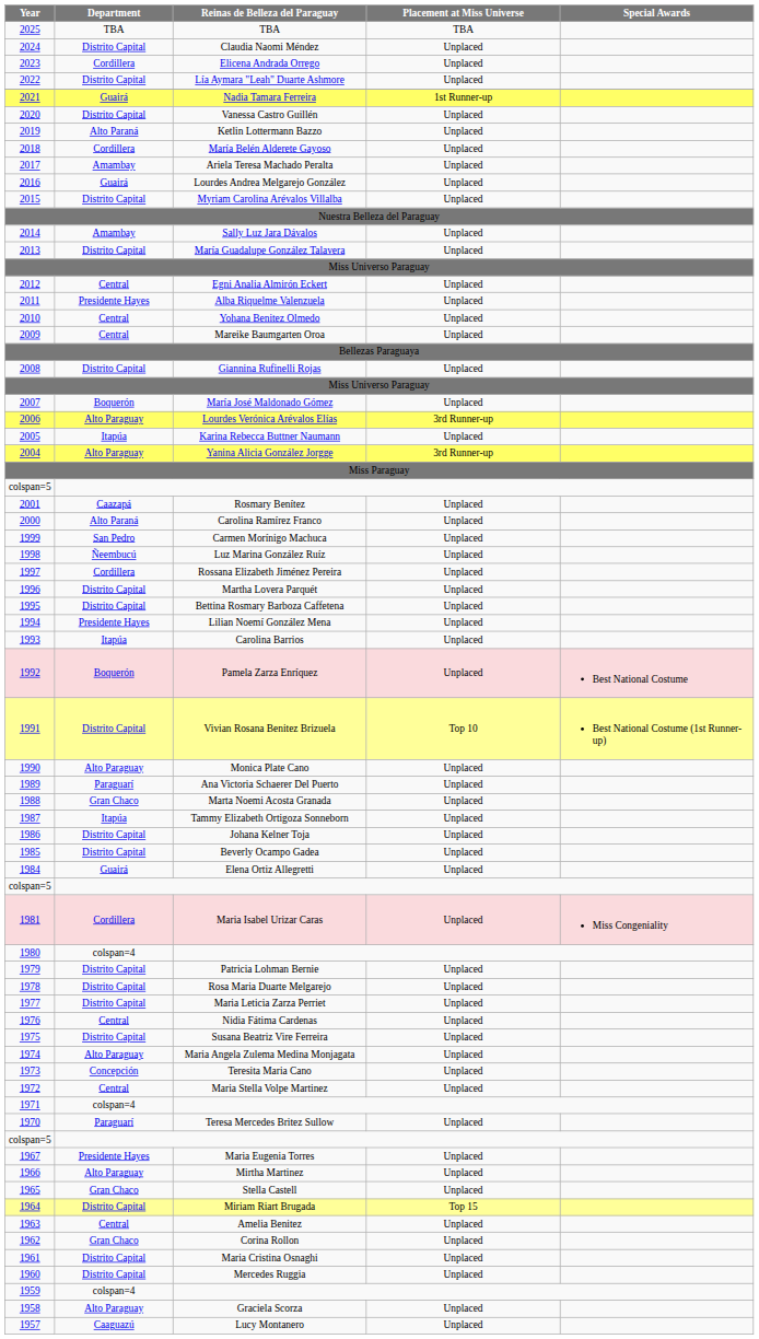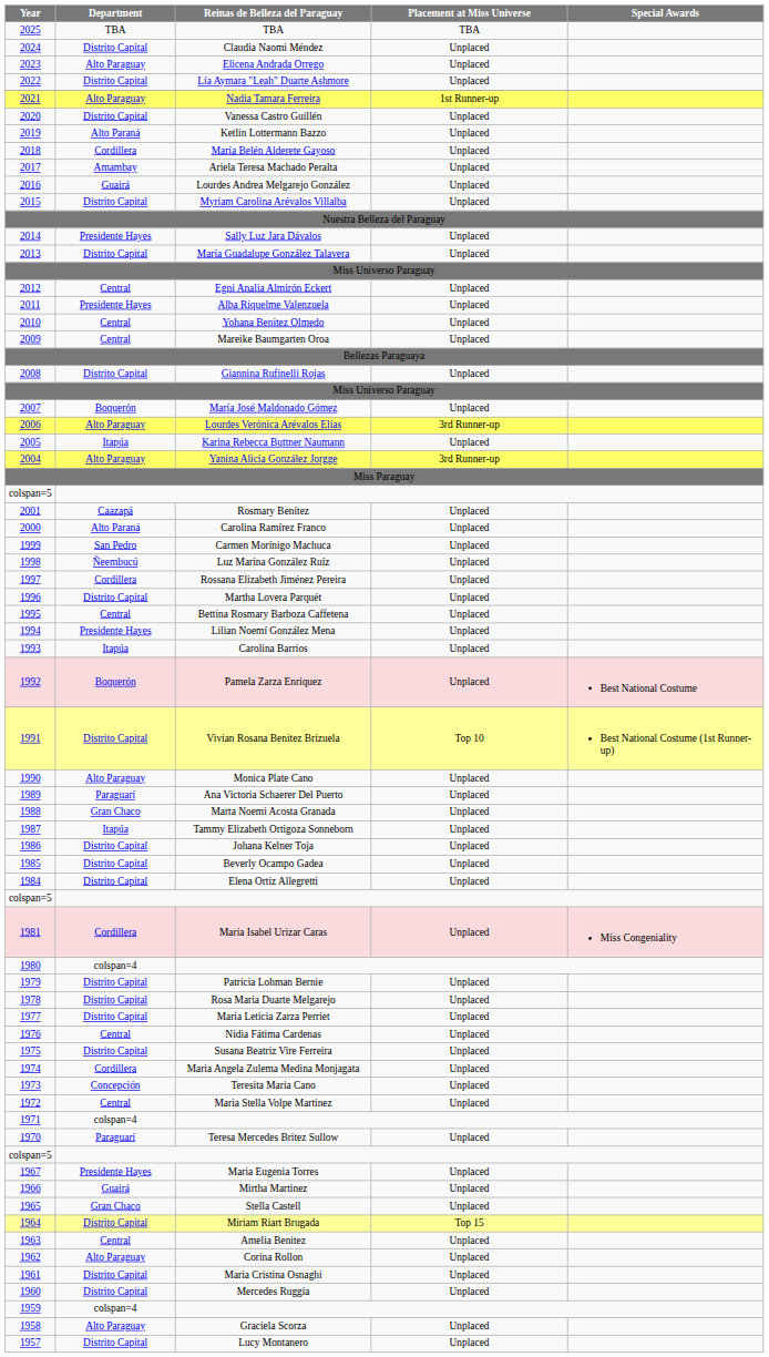 <table class="wikitable " style="font-size: 85%; text-align:center">
 <tr>
 <th width="60" style="background-color:#787878;color:#FFFFFF;">Year</th>
 <th width="150" style="background-color:#787878;color:#FFFFFF;">Department</th>
 <th width="250" style="background-color:#787878;color:#FFFFFF;">Reinas de Belleza del Paraguay</th>
 <th width="250" style="background-color:#787878;color:#FFFFFF;">Placement at Miss Universe</th>
 <th width="250" style="background-color:#787878;color:#FFFFFF;">Special Awards</th>
 </tr>
 <tr>
 <td><a href='#'>2025</a></td>
 <td>TBA</td>
 <td>TBA</td>
 <td>TBA</td>
 <td></td>
 </tr>
 <tr>
 <td><a href='#'>2024</a></td>
 <td><a href='#'>Distrito Capital</a></td>
 <td>Claudia Naomi Méndez</td>
 <td>Unplaced</td>
 <td></td>
 </tr>
 <tr>
 <td><a href='#'>2023</a></td>
-<td><a href='#'>Cordillera</a></td>
+<td><a href='#'>Alto Paraguay</a></td>
 <td><a href='#'>Elicena Andrada Orrego</a></td>
 <td>Unplaced</td>
 <td></td>
 </tr>
 <tr>
 <td><a href='#'>2022</a></td>
 <td><a href='#'>Distrito Capital</a></td>
 <td><a href='#'>Lía Aymara "Leah" Duarte Ashmore</a></td>
 <td>Unplaced</td>
 <td></td>
 </tr>
 <tr>
 </tr>
 <tr style="background-color:#FFFF66; ">
 <td><a href='#'>2021</a></td>
-<td><a href='#'>Guairá</a></td>
+<td><a href='#'>Alto Paraguay</a></td>
 <td><a href='#'>Nadia Tamara Ferreira</a></td>
 <td>1st Runner-up</td>
 <td></td>
 </tr>
 <tr>
 <td><a href='#'>2020</a></td>
 <td><a href='#'>Distrito Capital</a></td>
 <td>Vanessa Castro Guillén</td>
 <td>Unplaced</td>
 <td></td>
 </tr>
 <tr>
 <td><a href='#'>2019</a></td>
 <td><a href='#'>Alto Paraná</a></td>
 <td>Ketlin Lottermann Bazzo</td>
 <td>Unplaced</td>
 <td></td>
 </tr>
 <tr>
 <td><a href='#'>2018</a></td>
 <td><a href='#'>Cordillera</a></td>
 <td><a href='#'>María Belén Alderete Gayoso</a></td>
 <td>Unplaced</td>
 <td></td>
 </tr>
 <tr>
 <td><a href='#'>2017</a></td>
 <td><a href='#'>Amambay</a></td>
 <td>Ariela Teresa Machado Peralta</td>
 <td>Unplaced</td>
 <td></td>
 </tr>
 <tr>
 <td><a href='#'>2016</a></td>
 <td><a href='#'>Guairá</a></td>
 <td>Lourdes Andrea Melgarejo González</td>
 <td>Unplaced</td>
 <td></td>
 </tr>
 <tr>
 <td><a href='#'>2015</a></td>
 <td><a href='#'>Distrito Capital</a></td>
 <td><a href='#'>Myriam Carolina Arévalos Villalba</a></td>
 <td>Unplaced</td>
 <td></td>
 </tr>
 <tr bgcolor="#787878" align="center">
 <td colspan="5"><span>Nuestra Belleza del Paraguay</span></td>
 </tr>
 <tr>
 <td><a href='#'>2014</a></td>
-<td><a href='#'>Amambay</a></td>
+<td><a href='#'>Presidente Hayes</a></td>
 <td><a href='#'>Sally Luz Jara Dávalos</a></td>
 <td>Unplaced</td>
 <td></td>
 </tr>
 <tr>
 <td><a href='#'>2013</a></td>
 <td><a href='#'>Distrito Capital</a></td>
 <td><a href='#'>María Guadalupe González Talavera</a></td>
 <td>Unplaced</td>
 <td></td>
 </tr>
 <tr bgcolor="#787878" align="center">
 <td colspan="5"><span>Miss Universo Paraguay</span></td>
 </tr>
 <tr>
 <td><a href='#'>2012</a></td>
 <td><a href='#'>Central</a></td>
 <td><a href='#'>Egni Analia Almirón Eckert</a></td>
 <td>Unplaced</td>
 <td></td>
 </tr>
 <tr>
 <td><a href='#'>2011</a></td>
 <td><a href='#'>Presidente Hayes</a></td>
 <td><a href='#'>Alba Riquelme Valenzuela</a></td>
 <td>Unplaced</td>
 <td></td>
 </tr>
 <tr>
 <td><a href='#'>2010</a></td>
 <td><a href='#'>Central</a></td>
 <td><a href='#'>Yohana Benitez Olmedo</a></td>
 <td>Unplaced</td>
 <td></td>
 </tr>
 <tr>
 <td><a href='#'>2009</a></td>
 <td><a href='#'>Central</a></td>
 <td>Mareike Baumgarten Oroa</td>
 <td>Unplaced</td>
 <td></td>
 </tr>
 <tr bgcolor="#787878" align="center">
 <td colspan="5"><span>Bellezas Paraguaya</span></td>
 </tr>
 <tr>
 <td><a href='#'>2008</a></td>
 <td><a href='#'>Distrito Capital</a></td>
 <td><a href='#'>Giannina Rufinelli Rojas</a></td>
 <td>Unplaced</td>
 <td></td>
 </tr>
 <tr bgcolor="#787878" align="center">
 <td colspan="5"><span>Miss Universo Paraguay</span></td>
 </tr>
 <tr>
 <td><a href='#'>2007</a></td>
 <td><a href='#'>Boquerón</a></td>
 <td><a href='#'>María José Maldonado Gómez</a></td>
 <td>Unplaced</td>
 <td></td>
 </tr>
 <tr style="background-color:#FFFF66; ">
 <td><a href='#'>2006</a></td>
 <td><a href='#'>Alto Paraguay</a></td>
 <td><a href='#'>Lourdes Verónica Arévalos Elías</a></td>
 <td>3rd Runner-up</td>
 <td></td>
 </tr>
 <tr>
 <td><a href='#'>2005</a></td>
 <td><a href='#'>Itapúa</a></td>
 <td><a href='#'>Karina Rebecca Buttner Naumann</a></td>
 <td>Unplaced</td>
 <td></td>
 </tr>
 <tr style="background-color:#FFFF66; ">
 <td><a href='#'>2004</a></td>
 <td><a href='#'>Alto Paraguay</a></td>
 <td><a href='#'>Yanina Alicia González Jorgge</a></td>
 <td>3rd Runner-up</td>
 <td></td>
 </tr>
 <tr bgcolor="#787878" align="center">
 <td colspan="5"><span>Miss Paraguay</span></td>
 </tr>
 <tr>
 <td>colspan=5 </td>
 </tr>
 <tr>
 <td><a href='#'>2001</a></td>
 <td><a href='#'>Caazapá</a></td>
 <td>Rosmary Benítez</td>
 <td>Unplaced</td>
 <td></td>
 </tr>
 <tr>
 <td><a href='#'>2000</a></td>
 <td><a href='#'>Alto Paraná</a></td>
 <td>Carolina Ramírez Franco</td>
 <td>Unplaced</td>
 <td></td>
 </tr>
 <tr>
 <td><a href='#'>1999</a></td>
 <td><a href='#'>San Pedro</a></td>
 <td>Carmen Morínigo Machuca</td>
 <td>Unplaced</td>
 <td></td>
 </tr>
 <tr>
 <td><a href='#'>1998</a></td>
 <td><a href='#'>Ñeembucú</a></td>
 <td>Luz Marina González Ruíz</td>
 <td>Unplaced</td>
 <td></td>
 </tr>
 <tr>
 <td><a href='#'>1997</a></td>
 <td><a href='#'>Cordillera</a></td>
 <td>Rossana Elizabeth Jiménez Pereira</td>
 <td>Unplaced</td>
 <td></td>
 </tr>
 <tr>
 <td><a href='#'>1996</a></td>
 <td><a href='#'>Distrito Capital</a></td>
 <td>Martha Lovera Parquét</td>
 <td>Unplaced</td>
 <td></td>
 </tr>
 <tr>
 <td><a href='#'>1995</a></td>
-<td><a href='#'>Distrito Capital</a></td>
+<td><a href='#'>Central</a></td>
 <td>Bettina Rosmary Barboza Caffetena</td>
 <td>Unplaced</td>
 <td></td>
 </tr>
 <tr>
 <td><a href='#'>1994</a></td>
 <td><a href='#'>Presidente Hayes</a></td>
 <td>Lilian Noemí González Mena</td>
 <td>Unplaced</td>
 <td></td>
 </tr>
 <tr>
 <td><a href='#'>1993</a></td>
 <td><a href='#'>Itapúa</a></td>
 <td>Carolina Barrios</td>
 <td>Unplaced</td>
 <td></td>
 </tr>
 <tr style="background-color:#FADADD;">
 <td><a href='#'>1992</a></td>
 <td><a href='#'>Boquerón</a></td>
 <td>Pamela Zarza Enríquez</td>
 <td>Unplaced</td>
 <td align="left"><br><ul><li>Best National Costume</li></ul></td>
 </tr>
 <tr style="background-color:#FFFF99;">
 <td><a href='#'>1991</a></td>
 <td><a href='#'>Distrito Capital</a></td>
 <td>Vivian Rosana Benitez Brizuela</td>
 <td>Top 10</td>
 <td align="left"><br><ul><li>Best National Costume (1st Runner-up)</li></ul></td>
 </tr>
 <tr>
 <td><a href='#'>1990</a></td>
 <td><a href='#'>Alto Paraguay</a></td>
 <td>Monica Plate Cano</td>
 <td>Unplaced</td>
 <td></td>
 </tr>
 <tr>
 <td><a href='#'>1989</a></td>
 <td><a href='#'>Paraguarí</a></td>
 <td>Ana Victoria Schaerer Del Puerto</td>
 <td>Unplaced</td>
 <td></td>
 </tr>
 <tr>
 <td><a href='#'>1988</a></td>
 <td><a href='#'>Gran Chaco</a></td>
 <td>Marta Noemi Acosta Granada</td>
 <td>Unplaced</td>
 <td></td>
 </tr>
 <tr>
 <td><a href='#'>1987</a></td>
 <td><a href='#'>Itapúa</a></td>
 <td>Tammy Elizabeth Ortigoza Sonneborn</td>
 <td>Unplaced</td>
 <td></td>
 </tr>
 <tr>
 <td><a href='#'>1986</a></td>
 <td><a href='#'>Distrito Capital</a></td>
 <td>Johana Kelner Toja</td>
 <td>Unplaced</td>
 <td></td>
 </tr>
 <tr>
 <td><a href='#'>1985</a></td>
 <td><a href='#'>Distrito Capital</a></td>
 <td>Beverly Ocampo Gadea</td>
 <td>Unplaced</td>
 <td></td>
 </tr>
 <tr>
 <td><a href='#'>1984</a></td>
-<td><a href='#'>Guairá</a></td>
+<td><a href='#'>Distrito Capital</a></td>
 <td>Elena Ortiz Allegretti</td>
 <td>Unplaced</td>
 <td></td>
 </tr>
 <tr>
 <td>colspan=5 </td>
 </tr>
 <tr style="background-color:#FADADD;">
 <td><a href='#'>1981</a></td>
 <td><a href='#'>Cordillera</a></td>
 <td>Maria Isabel Urizar Caras</td>
 <td>Unplaced</td>
 <td align="left"><br><ul><li>Miss Congeniality</li></ul></td>
 </tr>
 <tr>
 <td><a href='#'>1980</a></td>
 <td>colspan=4 </td>
 </tr>
 <tr>
 <td><a href='#'>1979</a></td>
 <td><a href='#'>Distrito Capital</a></td>
 <td>Patricia Lohman Bernie</td>
 <td>Unplaced</td>
 <td></td>
 </tr>
 <tr>
 <td><a href='#'>1978</a></td>
 <td><a href='#'>Distrito Capital</a></td>
 <td>Rosa Maria Duarte Melgarejo</td>
 <td>Unplaced</td>
 <td></td>
 </tr>
 <tr>
 <td><a href='#'>1977</a></td>
 <td><a href='#'>Distrito Capital</a></td>
 <td>Maria Leticia Zarza Perriet</td>
 <td>Unplaced</td>
 <td></td>
 </tr>
 <tr>
 <td><a href='#'>1976</a></td>
 <td><a href='#'>Central</a></td>
 <td>Nidia Fátima Cardenas</td>
 <td>Unplaced</td>
 <td></td>
 </tr>
 <tr>
 <td><a href='#'>1975</a></td>
 <td><a href='#'>Distrito Capital</a></td>
 <td>Susana Beatriz Vire Ferreira</td>
 <td>Unplaced</td>
 <td></td>
 </tr>
 <tr>
 <td><a href='#'>1974</a></td>
-<td><a href='#'>Alto Paraguay</a></td>
+<td><a href='#'>Cordillera</a></td>
 <td>Maria Angela Zulema Medina Monjagata</td>
 <td>Unplaced</td>
 <td></td>
 </tr>
 <tr>
 <td><a href='#'>1973</a></td>
 <td><a href='#'>Concepción</a></td>
 <td>Teresita Maria Cano</td>
 <td>Unplaced</td>
 <td></td>
 </tr>
 <tr>
 <td><a href='#'>1972</a></td>
 <td><a href='#'>Central</a></td>
 <td>Maria Stella Volpe Martinez</td>
 <td>Unplaced</td>
 <td></td>
 </tr>
 <tr>
 <td><a href='#'>1971</a></td>
 <td>colspan=4 </td>
 </tr>
 <tr>
 <td><a href='#'>1970</a></td>
 <td><a href='#'>Paraguarí</a></td>
 <td>Teresa Mercedes Britez Sullow</td>
 <td>Unplaced</td>
 <td></td>
 </tr>
 <tr>
 <td>colspan=5 </td>
 </tr>
 <tr>
 <td><a href='#'>1967</a></td>
 <td><a href='#'>Presidente Hayes</a></td>
 <td>Maria Eugenia Torres</td>
 <td>Unplaced</td>
 <td></td>
 </tr>
 <tr>
 <td><a href='#'>1966</a></td>
-<td><a href='#'>Alto Paraguay</a></td>
+<td><a href='#'>Guairá</a></td>
 <td>Mirtha Martinez</td>
 <td>Unplaced</td>
 <td></td>
 </tr>
 <tr>
 <td><a href='#'>1965</a></td>
 <td><a href='#'>Gran Chaco</a></td>
 <td>Stella Castell</td>
 <td>Unplaced</td>
 <td></td>
 </tr>
 <tr style="background-color:#FFFF99;">
 <td><a href='#'>1964</a></td>
 <td><a href='#'>Distrito Capital</a></td>
 <td>Miriam Riart Brugada</td>
 <td>Top 15</td>
 <td></td>
 </tr>
 <tr>
 <td><a href='#'>1963</a></td>
 <td><a href='#'>Central</a></td>
 <td>Amelia Benitez</td>
 <td>Unplaced</td>
 <td></td>
 </tr>
 <tr>
 <td><a href='#'>1962</a></td>
-<td><a href='#'>Gran Chaco</a></td>
+<td><a href='#'>Alto Paraguay</a></td>
 <td>Corina Rollon</td>
 <td>Unplaced</td>
 <td></td>
 </tr>
 <tr>
 <td><a href='#'>1961</a></td>
 <td><a href='#'>Distrito Capital</a></td>
 <td>Maria Cristina Osnaghi</td>
 <td>Unplaced</td>
 <td></td>
 </tr>
 <tr>
 <td><a href='#'>1960</a></td>
 <td><a href='#'>Distrito Capital</a></td>
 <td>Mercedes Ruggia</td>
 <td>Unplaced</td>
 <td></td>
 </tr>
 <tr>
 <td><a href='#'>1959</a></td>
 <td>colspan=4 </td>
 </tr>
 <tr>
 <td><a href='#'>1958</a></td>
 <td><a href='#'>Alto Paraguay</a></td>
 <td>Graciela Scorza</td>
 <td>Unplaced</td>
 <td></td>
 </tr>
 <tr>
 <td><a href='#'>1957</a></td>
-<td><a href='#'>Caaguazú</a></td>
+<td><a href='#'>Distrito Capital</a></td>
 <td>Lucy Montanero</td>
 <td>Unplaced</td>
 <td></td>
 </tr>
 </table>
